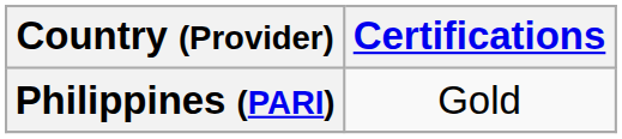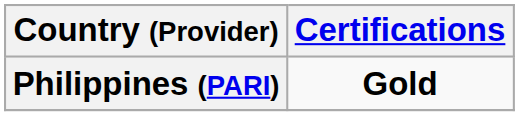 <table class="wikitable sortable plainrowheaders">
 <tr>
 <th>Country <small>(Provider)</small></th>
 <th><a href='#'>Certifications</a></th>
 </tr>
 <tr>
 <th scope=row>Philippines <small>(<a href='#'>PARI</a>)</small></th>
-<td style="text-align:center;">Gold</td>
+<td style="text-align:center;"><strong>Gold</strong></td>
 </tr>
 <tr>
 </tr>
 </table>
